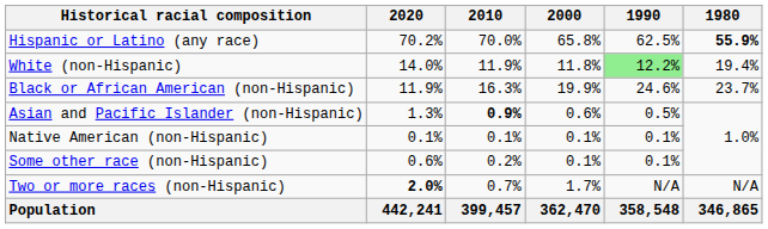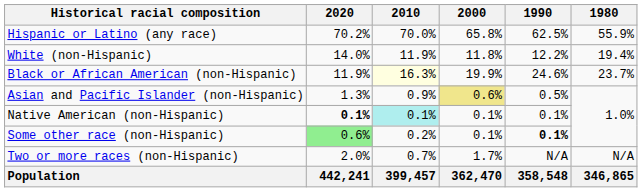 <table class="wikitable" style="font-size: 90%; text-align: right;">
 <tr>
 <th>Historical racial composition</th>
 <th style="width: 5em;">2020</th>
 <th style="width: 5em;">2010</th>
 <th style="width: 5em;">2000</th>
 <th style="width: 5em;">1990</th>
 <th style="width: 5em;">1980</th>
 </tr>
 <tr>
 <td style="text-align:left"><a href='#'>Hispanic or Latino</a> (any race)</td>
 <td>70.2%</td>
 <td>70.0%</td>
 <td>65.8%</td>
 <td>62.5%</td>
-<td><strong>55.9%</strong></td>
+<td>55.9%</td>
 </tr>
 <tr>
 <td style="text-align:left"><a href='#'>White</a> (non-Hispanic)</td>
 <td>14.0%</td>
 <td>11.9%</td>
 <td>11.8%</td>
-<td style="background: lightgreen;">12.2%</td>
+<td>12.2%</td>
 <td>19.4%</td>
 </tr>
 <tr>
 <td style="text-align:left"><a href='#'>Black or African American</a> (non-Hispanic)</td>
 <td>11.9%</td>
-<td>16.3%</td>
+<td style="background: lightyellow;">16.3%</td>
 <td>19.9%</td>
 <td>24.6%</td>
 <td>23.7%</td>
 </tr>
 <tr>
 <td style="text-align:left"><a href='#'>Asian</a> and <a href='#'>Pacific Islander</a> (non-Hispanic)</td>
 <td>1.3%</td>
-<td><strong>0.9%</strong></td>
-<td>0.6%</td>
+<td>0.9%</td>
+<td style="background: khaki;">0.6%</td>
 <td>0.5%</td>
 <td rowspan="3">1.0%</td>
 </tr>
 <tr>
 <td style="text-align:left">Native American (non-Hispanic)</td>
-<td>0.1%</td>
-<td>0.1%</td>
+<td><strong>0.1%</strong></td>
+<td style="background: paleturquoise;">0.1%</td>
 <td>0.1%</td>
 <td>0.1%</td>
 </tr>
 <tr>
 <td style="text-align:left"><a href='#'>Some other race</a> (non-Hispanic)</td>
-<td>0.6%</td>
+<td style="background: lightgreen;">0.6%</td>
 <td>0.2%</td>
 <td>0.1%</td>
-<td>0.1%</td>
+<td><strong>0.1%</strong></td>
 </tr>
 <tr>
 <td style="text-align:left"><a href='#'>Two or more races</a> (non-Hispanic)</td>
-<td><strong>2.0%</strong></td>
+<td>2.0%</td>
 <td>0.7%</td>
 <td>1.7%</td>
 <td>N/A</td>
 <td>N/A</td>
 </tr>
 <tr>
 <th style="text-align:left">Population</th>
 <th style="text-align:right">442,241</th>
 <th style="text-align:right">399,457</th>
 <th style="text-align:right">362,470</th>
 <th style="text-align:right">358,548</th>
 <th style="text-align:right">346,865</th>
 </tr>
 </table>
